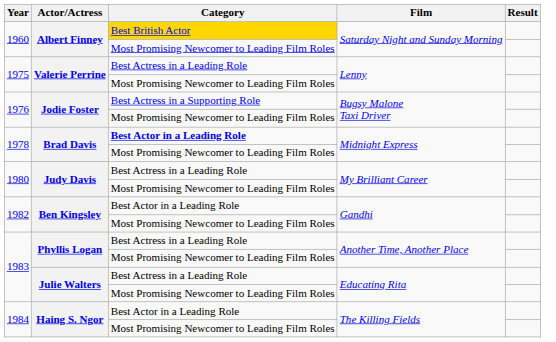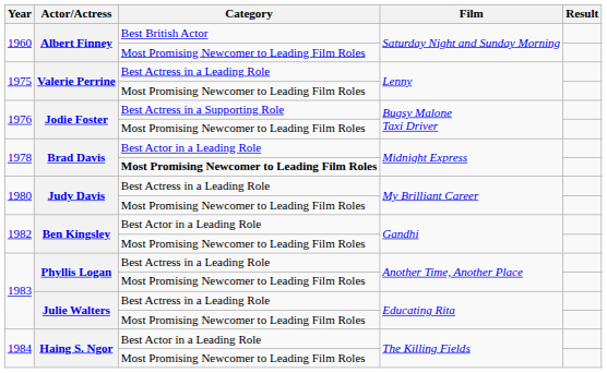 <table class="wikitable plainrowheaders">
 <tr>
 <th scope="col">Year<br></th>
 <th scope="col">Actor/Actress</th>
 <th scope="col">Category</th>
 <th scope="col">Film</th>
 <th scope="col">Result</th>
 </tr>
 <tr>
 <td style="text-align: center;" rowspan="2"><a href='#'>1960</a><br></td>
 <th scope="row" rowspan="2"><a href='#'>Albert Finney</a></th>
-<td style="background: gold;"><a href='#'>Best British Actor</a></td>
+<td><a href='#'>Best British Actor</a></td>
 <td rowspan="2"><em><a href='#'>Saturday Night and Sunday Morning</a></em></td>
 <td></td>
 </tr>
 <tr>
 <td><a href='#'>Most Promising Newcomer to Leading Film Roles</a></td>
 <td></td>
 </tr>
 <tr>
 <td style="text-align: center;" rowspan="2"><a href='#'>1975</a><br></td>
 <th scope="row" rowspan="2"><a href='#'>Valerie Perrine</a></th>
 <td><a href='#'>Best Actress in a Leading Role</a></td>
 <td rowspan="2"><em><a href='#'>Lenny</a></em></td>
 <td></td>
 </tr>
 <tr>
 <td>Most Promising Newcomer to Leading Film Roles</td>
 <td></td>
 </tr>
 <tr>
 <td style="text-align: center;" rowspan="2"><a href='#'>1976</a><br></td>
 <th scope="row" rowspan="2"><a href='#'>Jodie Foster</a></th>
 <td><a href='#'>Best Actress in a Supporting Role</a></td>
 <td rowspan="2"><em><a href='#'>Bugsy Malone</a></em> <br> <em><a href='#'>Taxi Driver</a></em></td>
 <td></td>
 </tr>
 <tr>
 <td>Most Promising Newcomer to Leading Film Roles</td>
 <td></td>
 </tr>
 <tr>
 <td style="text-align: center;" rowspan="2"><a href='#'>1978</a><br></td>
 <th scope="row" rowspan="2"><a href='#'>Brad Davis</a></th>
-<td><strong><a href='#'>Best Actor in a Leading Role</a></strong></td>
+<td><a href='#'>Best Actor in a Leading Role</a></td>
 <td rowspan="2"><em><a href='#'>Midnight Express</a></em></td>
 <td></td>
 </tr>
 <tr>
-<td>Most Promising Newcomer to Leading Film Roles</td>
+<td><strong>Most Promising Newcomer to Leading Film Roles</strong></td>
 <td></td>
 </tr>
 <tr>
 <td style="text-align: center;" rowspan="2"><a href='#'>1980</a><br></td>
 <th scope="row" rowspan="2"><a href='#'>Judy Davis</a></th>
 <td>Best Actress in a Leading Role</td>
 <td rowspan="2"><em><a href='#'>My Brilliant Career</a></em></td>
 <td></td>
 </tr>
 <tr>
 <td>Most Promising Newcomer to Leading Film Roles</td>
 <td></td>
 </tr>
 <tr>
 <td style="text-align: center;" rowspan="2"><a href='#'>1982</a><br></td>
 <th scope="row" rowspan="2"><a href='#'>Ben Kingsley</a></th>
 <td>Best Actor in a Leading Role</td>
 <td rowspan="2"><em><a href='#'>Gandhi</a></em></td>
 <td></td>
 </tr>
 <tr>
 <td>Most Promising Newcomer to Leading Film Roles</td>
 <td></td>
 </tr>
 <tr>
 <td style="text-align: center;" rowspan="4"><a href='#'>1983</a><br></td>
 <th scope="row" rowspan="2"><a href='#'>Phyllis Logan</a></th>
 <td>Best Actress in a Leading Role</td>
 <td rowspan="2"><em><a href='#'>Another Time, Another Place</a></em></td>
 <td></td>
 </tr>
 <tr>
 <td>Most Promising Newcomer to Leading Film Roles</td>
 <td></td>
 </tr>
 <tr>
 <th scope="row" rowspan="2"><a href='#'>Julie Walters</a></th>
 <td>Best Actress in a Leading Role</td>
 <td rowspan="2"><em><a href='#'>Educating Rita</a></em></td>
 <td></td>
 </tr>
 <tr>
 <td>Most Promising Newcomer to Leading Film Roles</td>
 <td></td>
 </tr>
 <tr>
 <td style="text-align: center;" rowspan="2"><a href='#'>1984</a><br></td>
 <th scope="row" rowspan="2"><a href='#'>Haing S. Ngor</a></th>
 <td>Best Actor in a Leading Role</td>
 <td rowspan="2"><em><a href='#'>The Killing Fields</a></em></td>
 <td></td>
 </tr>
 <tr>
 <td>Most Promising Newcomer to Leading Film Roles</td>
 <td></td>
 </tr>
 </table>
